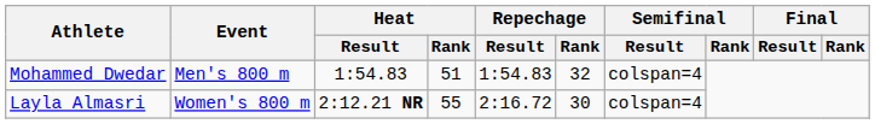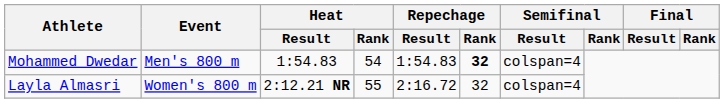 <table class="wikitable" style="font-size:90%">
 <tr>
 <th rowspan="2">Athlete</th>
 <th rowspan="2">Event</th>
 <th colspan="2">Heat</th>
 <th colspan="2">Repechage</th>
 <th colspan="2">Semifinal</th>
 <th colspan="2">Final</th>
 </tr>
 <tr style="font-size:95%">
 <th>Result</th>
 <th>Rank</th>
 <th>Result</th>
 <th>Rank</th>
 <th>Result</th>
 <th>Rank</th>
 <th>Result</th>
 <th>Rank</th>
 </tr>
 <tr align=center>
 <td align=left><a href='#'>Mohammed Dwedar</a></td>
 <td align=left><a href='#'>Men's 800 m</a></td>
 <td>1:54.83</td>
-<td>51</td>
+<td>54</td>
 <td>1:54.83</td>
-<td>32</td>
+<td><strong>32</strong></td>
 <td>colspan=4</td>
 </tr>
 <tr align=center>
 <td align=left><a href='#'>Layla Almasri</a></td>
 <td align=left><a href='#'>Women's 800 m</a></td>
 <td>2:12.21 <strong>NR</strong></td>
 <td>55</td>
 <td>2:16.72</td>
-<td>30</td>
+<td>32</td>
 <td>colspan=4</td>
 </tr>
 </table>
